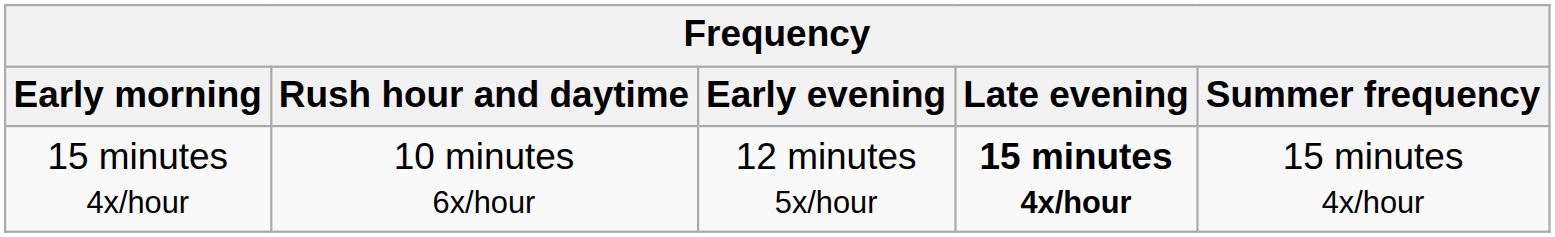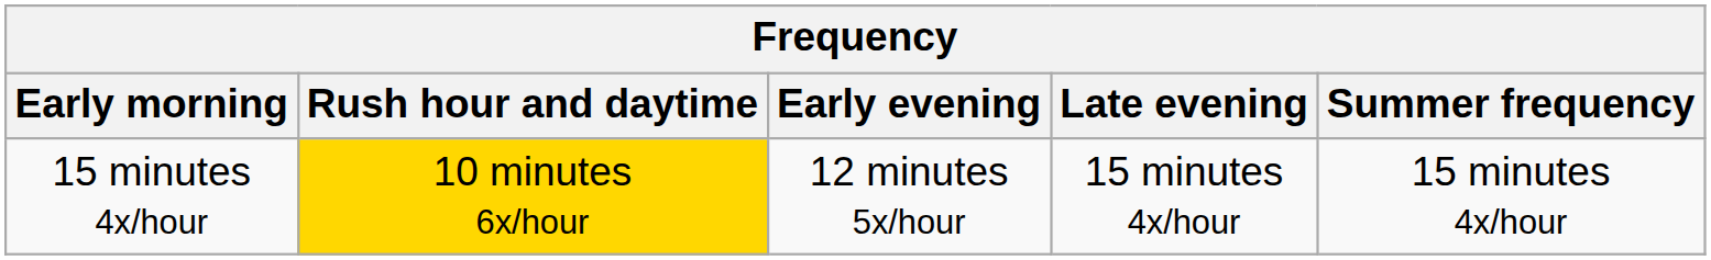 <table class="wikitable" style="font-size:105%;">
 <tr>
 <th colspan="5">Frequency</th>
 </tr>
 <tr>
 <th>Early morning</th>
 <th>Rush hour and daytime</th>
 <th>Early evening</th>
 <th>Late evening</th>
 <th>Summer frequency</th>
 </tr>
 <tr>
 <td align="center">15 minutes <br> <small>4x/hour</small></td>
-<td align="center">10 minutes <br> <small>6x/hour</small></td>
+<td align="center" style="background: gold;">10 minutes <br> <small>6x/hour</small></td>
 <td align="center">12 minutes <br> <small>5x/hour</small></td>
-<td align="center"><strong>15 minutes <br> <small>4x/hour</small></strong></td>
+<td align="center">15 minutes <br> <small>4x/hour</small></td>
 <td align="center">15 minutes <br> <small>4x/hour</small></td>
 </tr>
 </table>
